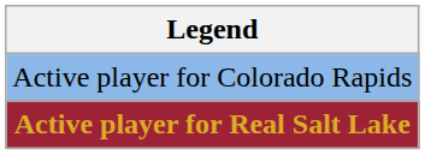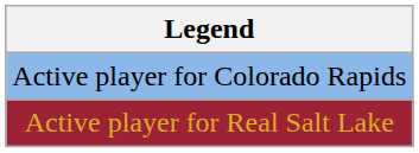 <table class="wikitable" style="text-align: center; font-size:95%">
 <tr>
 <th style="background-color: #F2F2F2; border: 1px solid #AAAAAA;" colspan="2">Legend</th>
 </tr>
 <tr>
 <td style="color:#000000; background:#8BB8E8;">Active player for Colorado Rapids</td>
 </tr>
 <tr>
-<td style="color:#DAAC27; background:#9D2235;"><strong>Active player for Real Salt Lake</strong></td>
+<td style="color:#DAAC27; background:#9D2235;">Active player for Real Salt Lake</td>
 </tr>
 </table>
